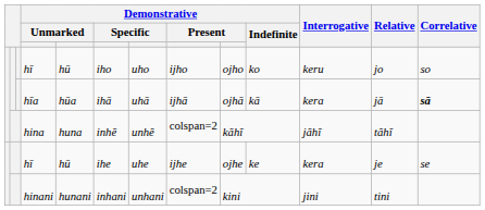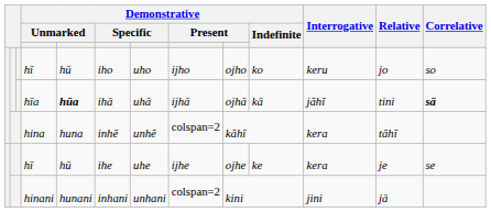 <table class="wikitable">
 <tr>
 <th colspan=3 rowspan=3></th>
 <th colspan=7><a href='#'>Demonstrative</a></th>
 <th rowspan=3><a href='#'>Interrogative</a></th>
 <th rowspan=3><a href='#'>Relative</a></th>
 <th rowspan=3><a href='#'>Correlative</a></th>
 </tr>
 <tr>
 <th colspan=2>Unmarked</th>
 <th colspan=2>Specific</th>
 <th colspan=2>Present</th>
 <th rowspan=2>Indefinite</th>
 </tr>
 <tr>
 <th></th>
 <th></th>
 <th></th>
 <th></th>
 <th></th>
 <th></th>
 </tr>
 <tr>
 <th rowspan=3></th>
 <th rowspan=2></th>
 <th></th>
 <td><br><em>hī</em></td>
 <td><br><em>hū</em></td>
 <td><br><em>iho</em></td>
 <td><br><em>uho</em></td>
 <td><br><em>ijho</em></td>
 <td><br><em>ojho</em></td>
 <td><br><em>ko</em></td>
 <td><br><em>keru</em></td>
 <td><br><em>jo</em></td>
 <td><br><em>so</em></td>
 </tr>
 <tr>
 <th></th>
 <td><br><em>hīa</em></td>
-<td><br><em>hūa</em></td>
+<td><strong><br><em>hūa</em></strong></td>
 <td><br><em>ihā</em></td>
 <td><br><em>uhā</em></td>
 <td><br><em>ijhā</em></td>
 <td><br><em>ojhā</em></td>
 <td><br><em>kā</em></td>
-<td><br><em>kera</em></td>
-<td><br><em>jā</em></td>
+<td><br><em>jãhĩ</em></td>
+<td><br><em>tini</em></td>
 <td><strong><br><em>sā</em></strong></td>
 </tr>
 <tr>
 <th colspan=2></th>
 <td><br><em>hina</em></td>
 <td><br><em>huna</em></td>
 <td><br><em>inhẽ</em></td>
 <td><br><em>unhẽ</em></td>
 <td>colspan=2 </td>
 <td colspan=2><br><em>kãhĩ</em></td>
-<td><br><em>jãhĩ</em></td>
+<td><br><em>kera</em></td>
 <td><br><em>tãhĩ</em></td>
 </tr>
 <tr>
 <th rowspan=2></th>
 <th colspan=2></th>
 <td><br><em>hī</em></td>
 <td><br><em>hū</em></td>
 <td><br><em>ihe</em></td>
 <td><br><em>uhe</em></td>
 <td><br><em>ijhe</em></td>
 <td><br><em>ojhe</em></td>
 <td><br><em>ke</em></td>
 <td><br><em>kera</em></td>
 <td><br><em>je</em></td>
 <td><br><em>se</em></td>
 </tr>
 <tr>
 <th colspan=2></th>
 <td><br><em>hinani</em></td>
 <td><br><em>hunani</em></td>
 <td><br><em>inhani</em></td>
 <td><br><em>unhani</em></td>
 <td>colspan=2 </td>
 <td colspan=2><br><em>kini</em></td>
 <td><br><em>jini</em></td>
-<td><br><em>tini</em></td>
+<td><br><em>jā</em></td>
 </tr>
 </table>
